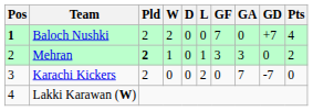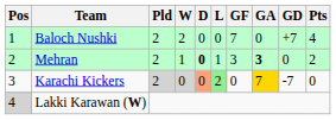 <table class="wikitable">
 <tr>
 <th>Pos</th>
 <th>Team</th>
 <th>Pld</th>
 <th>W</th>
 <th>D</th>
 <th>L</th>
 <th>GF</th>
 <th>GA</th>
 <th>GD</th>
 <th>Pts</th>
 </tr>
 <tr style="background:#bfc">
-<td><strong>1</strong></td>
+<td>1</td>
 <td><a href='#'>Baloch Nushki</a></td>
 <td>2</td>
 <td>2</td>
 <td>0</td>
 <td>0</td>
 <td>7</td>
 <td>0</td>
 <td>+7</td>
 <td>4</td>
 </tr>
 <tr style="background:#bfc">
 <td>2</td>
 <td><a href='#'>Mehran</a></td>
-<td><strong>2</strong></td>
+<td>2</td>
 <td>1</td>
-<td>0</td>
+<td><strong>0</strong></td>
 <td>1</td>
 <td>3</td>
-<td>3</td>
+<td><strong>3</strong></td>
 <td>0</td>
 <td>2</td>
 </tr>
 <tr>
 <td>3</td>
 <td><a href='#'>Karachi Kickers</a></td>
-<td>2</td>
+<td style="background: lightgrey;">2</td>
+<td style="background: lightgrey;">0</td>
+<td style="background: lightsalmon;">0</td>
+<td style="background: lightgreen;">2</td>
 <td>0</td>
-<td>0</td>
-<td>2</td>
-<td>0</td>
-<td>7</td>
+<td style="background: gold;">7</td>
 <td>-7</td>
 <td>0</td>
 </tr>
 <tr>
-<td>4</td>
+<td style="background: lightgrey;">4</td>
 <td>Lakki Karawan (<strong>W</strong>)</td>
 <td colspan="8"></td>
 </tr>
 </table>
